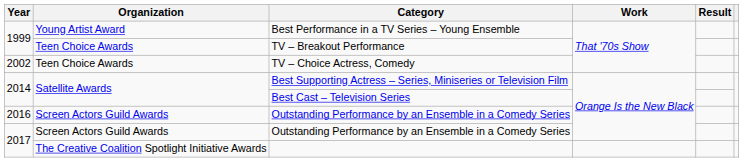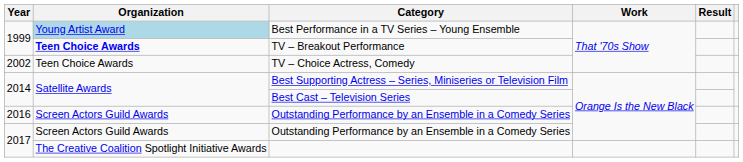 <table class="wikitable">
 <tr>
 <th>Year</th>
 <th>Organization</th>
 <th>Category</th>
 <th>Work</th>
 <th>Result</th>
 <th></th>
 </tr>
 <tr>
 <td rowspan="2">1999</td>
-<td><a href='#'>Young Artist Award</a></td>
+<td style="background: lightblue;"><a href='#'>Young Artist Award</a></td>
 <td>Best Performance in a TV Series – Young Ensemble</td>
 <td rowspan="3"><em><a href='#'>That '70s Show</a></em></td>
 <td></td>
 <td></td>
 </tr>
 <tr>
-<td><a href='#'>Teen Choice Awards</a></td>
+<td><strong><a href='#'>Teen Choice Awards</a></strong></td>
 <td>TV – Breakout Performance</td>
 <td></td>
 <td></td>
 </tr>
 <tr>
 <td>2002</td>
 <td>Teen Choice Awards</td>
 <td>TV – Choice Actress, Comedy</td>
 <td></td>
 <td></td>
 </tr>
 <tr>
 <td rowspan="2">2014</td>
 <td rowspan="2"><a href='#'>Satellite Awards</a></td>
 <td><a href='#'>Best Supporting Actress – Series, Miniseries or Television Film</a></td>
 <td rowspan="4"><em><a href='#'>Orange Is the New Black</a></em></td>
 <td></td>
 <td rowspan="2"></td>
 </tr>
 <tr>
 <td><a href='#'>Best Cast – Television Series</a></td>
 <td></td>
 </tr>
 <tr>
 <td>2016</td>
 <td><a href='#'>Screen Actors Guild Awards</a></td>
 <td><a href='#'>Outstanding Performance by an Ensemble in a Comedy Series</a></td>
 <td></td>
 <td></td>
 </tr>
 <tr>
 <td rowspan=2>2017</td>
 <td>Screen Actors Guild Awards</td>
 <td>Outstanding Performance by an Ensemble in a Comedy Series</td>
 <td></td>
 <td></td>
 </tr>
 <tr>
 <td><a href='#'>The Creative Coalition</a> Spotlight Initiative Awards</td>
 <td></td>
 <td></td>
 <td></td>
 <td></td>
 </tr>
 </table>
